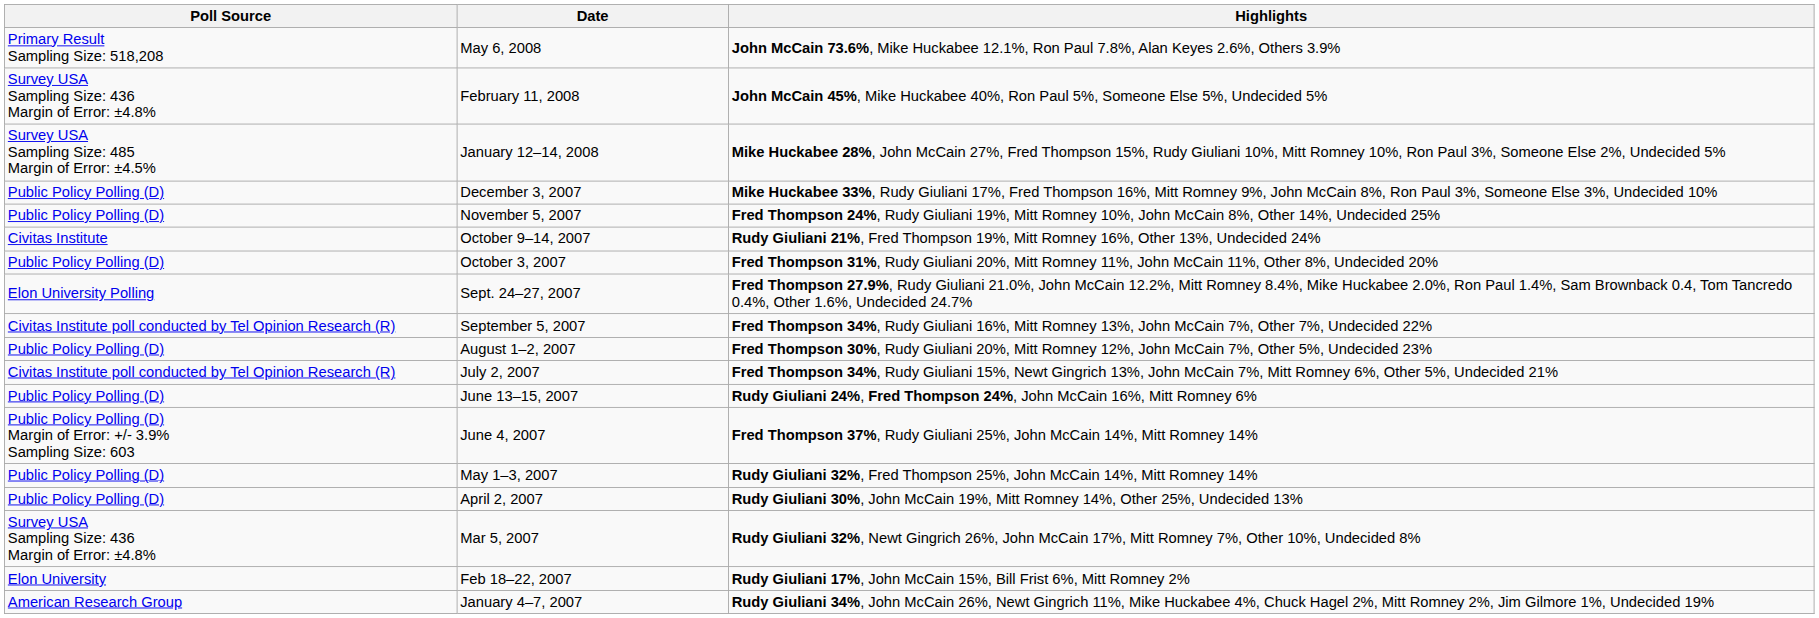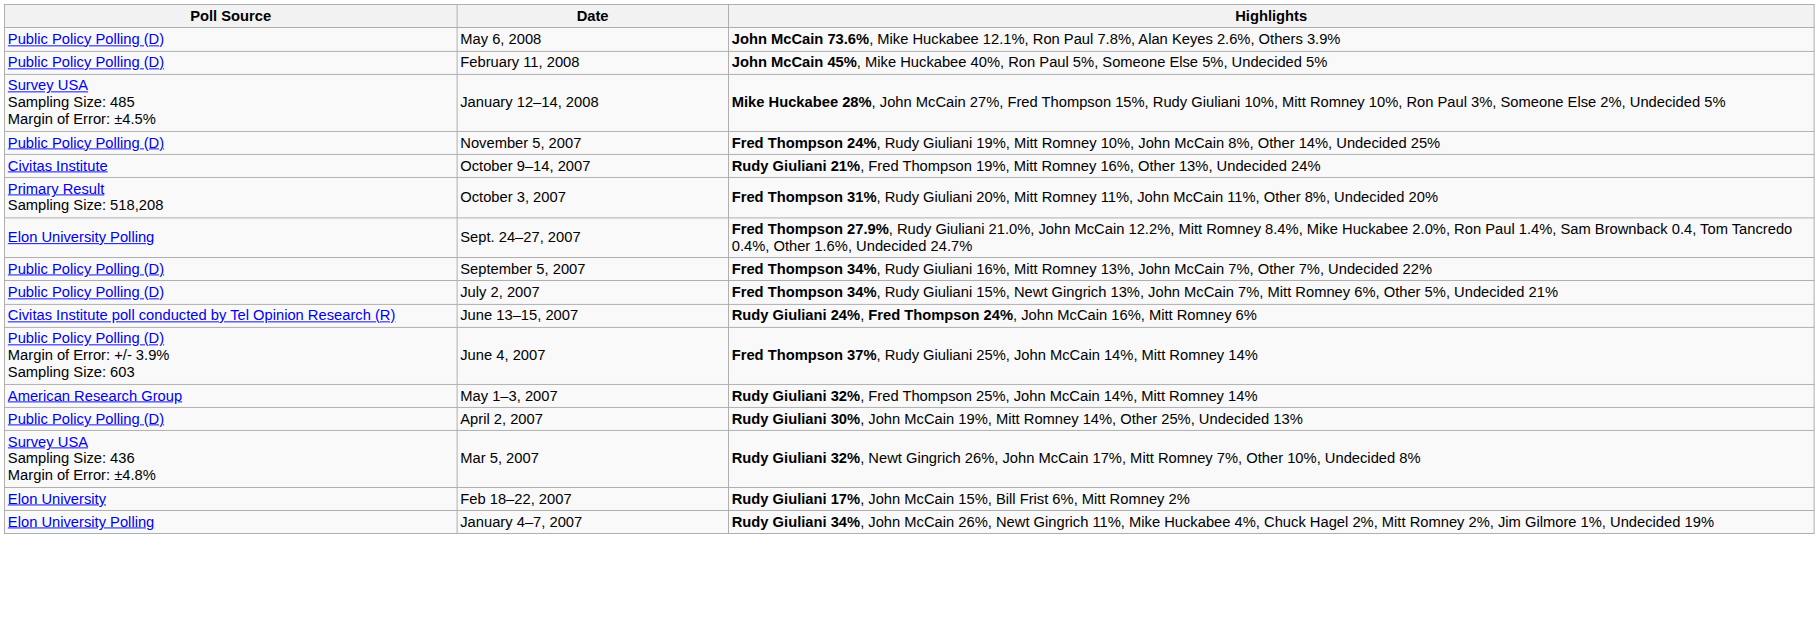 <table class="wikitable sortable">
 <tr>
 <th width="25%">Poll Source</th>
 <th width="15%">Date</th>
 <th width="60%">Highlights</th>
 </tr>
 <tr>
-<td><a href='#'>Primary Result</a><br>Sampling Size: 518,208<br></td>
+<td><a href='#'>Public Policy Polling (D)</a></td>
 <td>May 6, 2008</td>
 <td><strong>John McCain 73.6%</strong>, Mike Huckabee 12.1%, Ron Paul 7.8%, Alan Keyes 2.6%, Others 3.9%</td>
 </tr>
 <tr>
-<td><a href='#'>Survey USA</a><br>Sampling Size: 436<br> Margin of Error: ±4.8%</td>
+<td><a href='#'>Public Policy Polling (D)</a></td>
 <td>February 11, 2008</td>
 <td><strong>John McCain 45%</strong>, Mike Huckabee 40%, Ron Paul 5%, Someone Else 5%, Undecided 5%</td>
 </tr>
 <tr>
 <td><a href='#'>Survey USA</a><br>Sampling Size: 485<br> Margin of Error: ±4.5%</td>
 <td>January 12–14, 2008</td>
 <td><strong>Mike Huckabee 28%</strong>, John McCain 27%, Fred Thompson 15%, Rudy Giuliani 10%, Mitt Romney 10%, Ron Paul 3%, Someone Else 2%, Undecided 5%</td>
-</tr>
-<tr>
-<td><a href='#'>Public Policy Polling (D)</a></td>
-<td>December 3, 2007</td>
-<td><strong>Mike Huckabee 33%</strong>, Rudy Giuliani 17%, Fred Thompson 16%, Mitt Romney 9%, John McCain 8%, Ron Paul 3%, Someone Else 3%, Undecided 10%</td>
 </tr>
 <tr>
 <td><a href='#'>Public Policy Polling (D)</a></td>
 <td>November 5, 2007</td>
 <td><strong>Fred Thompson 24%</strong>, Rudy Giuliani 19%, Mitt Romney 10%, John McCain 8%, Other 14%, Undecided 25%</td>
 </tr>
 <tr>
 <td><a href='#'>Civitas Institute</a></td>
 <td>October 9–14, 2007</td>
 <td><strong>Rudy Giuliani 21%</strong>, Fred Thompson 19%, Mitt Romney 16%, Other 13%, Undecided 24%</td>
 </tr>
 <tr>
-<td><a href='#'>Public Policy Polling (D)</a></td>
+<td><a href='#'>Primary Result</a><br>Sampling Size: 518,208<br></td>
 <td>October 3, 2007</td>
 <td><strong>Fred Thompson 31%</strong>, Rudy Giuliani 20%, Mitt Romney 11%, John McCain 11%, Other 8%, Undecided 20%</td>
 </tr>
 <tr>
 <td><a href='#'>Elon University Polling</a></td>
 <td>Sept. 24–27, 2007</td>
 <td><strong>Fred Thompson 27.9%</strong>, Rudy Giuliani 21.0%, John McCain 12.2%, Mitt Romney 8.4%, Mike Huckabee 2.0%, Ron Paul 1.4%, Sam Brownback 0.4, Tom Tancredo 0.4%, Other 1.6%, Undecided 24.7%</td>
 </tr>
 <tr>
-<td><a href='#'>Civitas Institute poll conducted by Tel Opinion Research (R)</a></td>
+<td><a href='#'>Public Policy Polling (D)</a></td>
 <td>September 5, 2007</td>
 <td><strong>Fred Thompson 34%</strong>, Rudy Giuliani 16%, Mitt Romney 13%, John McCain 7%, Other 7%, Undecided 22%</td>
 </tr>
 <tr>
 <td><a href='#'>Public Policy Polling (D)</a></td>
-<td>August 1–2, 2007</td>
-<td><strong>Fred Thompson 30%</strong>, Rudy Giuliani 20%, Mitt Romney 12%, John McCain 7%, Other 5%, Undecided 23%</td>
-</tr>
-<tr>
-<td><a href='#'>Civitas Institute poll conducted by Tel Opinion Research (R)</a></td>
 <td>July 2, 2007</td>
 <td><strong>Fred Thompson 34%</strong>, Rudy Giuliani 15%, Newt Gingrich 13%, John McCain 7%, Mitt Romney 6%, Other 5%, Undecided 21%</td>
 </tr>
 <tr>
-<td><a href='#'>Public Policy Polling (D)</a></td>
+<td><a href='#'>Civitas Institute poll conducted by Tel Opinion Research (R)</a></td>
 <td>June 13–15, 2007</td>
 <td><strong>Rudy Giuliani 24%</strong>, <strong>Fred Thompson 24%</strong>, John McCain 16%, Mitt Romney 6%</td>
 </tr>
 <tr>
 <td><a href='#'>Public Policy Polling (D)</a><br>Margin of Error: +/- 3.9%<br> Sampling Size: 603</td>
 <td>June 4, 2007</td>
 <td><strong>Fred Thompson 37%</strong>, Rudy Giuliani 25%, John McCain 14%, Mitt Romney 14%</td>
 </tr>
 <tr>
-<td><a href='#'>Public Policy Polling (D)</a></td>
+<td><a href='#'>American Research Group</a></td>
 <td>May 1–3, 2007</td>
 <td><strong>Rudy Giuliani 32%</strong>, Fred Thompson 25%, John McCain 14%, Mitt Romney 14%</td>
 </tr>
 <tr>
 <td><a href='#'>Public Policy Polling (D)</a></td>
 <td>April 2, 2007</td>
 <td><strong>Rudy Giuliani 30%</strong>, John McCain 19%, Mitt Romney 14%, Other 25%, Undecided 13%</td>
 </tr>
 <tr>
 <td><a href='#'>Survey USA</a><br>Sampling Size: 436<br> Margin of Error: ±4.8%</td>
 <td>Mar 5, 2007</td>
 <td><strong>Rudy Giuliani 32%</strong>, Newt Gingrich 26%, John McCain 17%, Mitt Romney 7%, Other 10%, Undecided 8%</td>
 </tr>
 <tr>
 <td><a href='#'>Elon University</a></td>
 <td>Feb 18–22, 2007</td>
 <td><strong>Rudy Giuliani 17%</strong>, John McCain 15%, Bill Frist 6%, Mitt Romney 2%</td>
 </tr>
 <tr>
-<td><a href='#'>American Research Group</a></td>
+<td><a href='#'>Elon University Polling</a></td>
 <td>January 4–7, 2007</td>
 <td><strong>Rudy Giuliani 34%</strong>, John McCain 26%, Newt Gingrich 11%, Mike Huckabee 4%, Chuck Hagel 2%, Mitt Romney 2%, Jim Gilmore 1%, Undecided 19%</td>
 </tr>
 </table>
